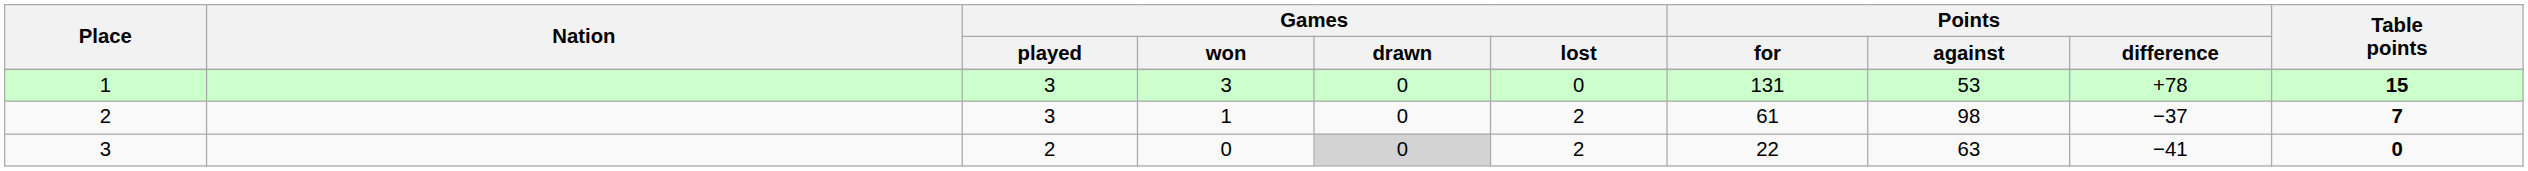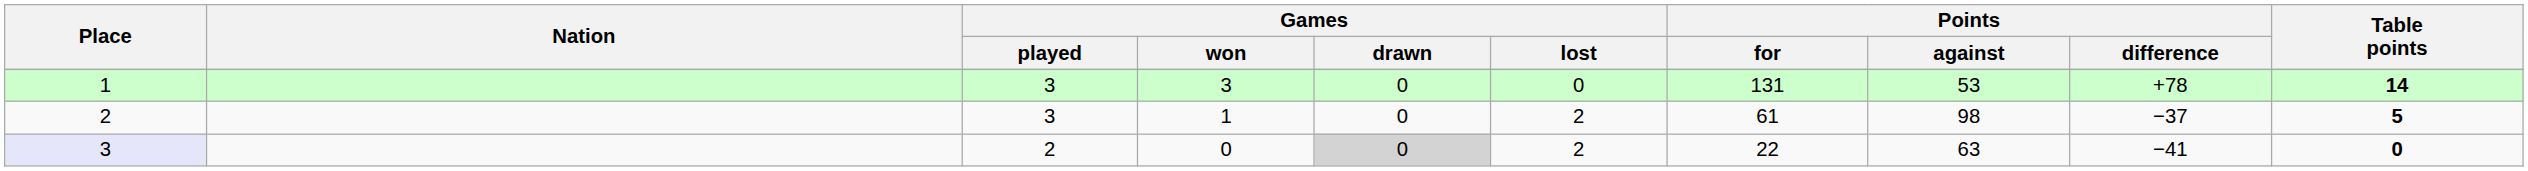 <table class="wikitable" width="100%">
 <tr>
 <th rowspan=2 width="8%">Place</th>
 <th rowspan=2 width="30%">Nation</th>
 <th colspan=4 width="28%">Games</th>
 <th colspan=3 width="24%">Points</th>
 <th rowspan=2 width="10%">Table<br>points</th>
 </tr>
 <tr>
 <th width="7%">played</th>
 <th width="7%">won</th>
 <th width="7%">drawn</th>
 <th width="7%">lost</th>
 <th width="8%">for</th>
 <th width="8%">against</th>
 <th width="8%">difference</th>
 </tr>
 <tr>
 </tr>
 <tr align=center bgcolor="#ccffcc">
 <td>1</td>
 <td align=left></td>
 <td>3</td>
 <td>3</td>
 <td>0</td>
 <td>0</td>
 <td>131</td>
 <td>53</td>
 <td>+78</td>
-<td><strong>15</strong></td>
+<td><strong>14</strong></td>
 </tr>
 <tr align=center>
 <td>2</td>
 <td align=left></td>
 <td>3</td>
 <td>1</td>
 <td>0</td>
 <td>2</td>
 <td>61</td>
 <td>98</td>
 <td>−37</td>
-<td><strong>7</strong></td>
+<td><strong>5</strong></td>
 </tr>
 <tr align=center>
-<td>3</td>
+<td style="background: lavender;">3</td>
 <td align=left></td>
 <td>2</td>
 <td>0</td>
 <td style="background: lightgrey;">0</td>
 <td>2</td>
 <td>22</td>
 <td>63</td>
 <td>−41</td>
 <td><strong>0</strong></td>
 </tr>
 </table>
